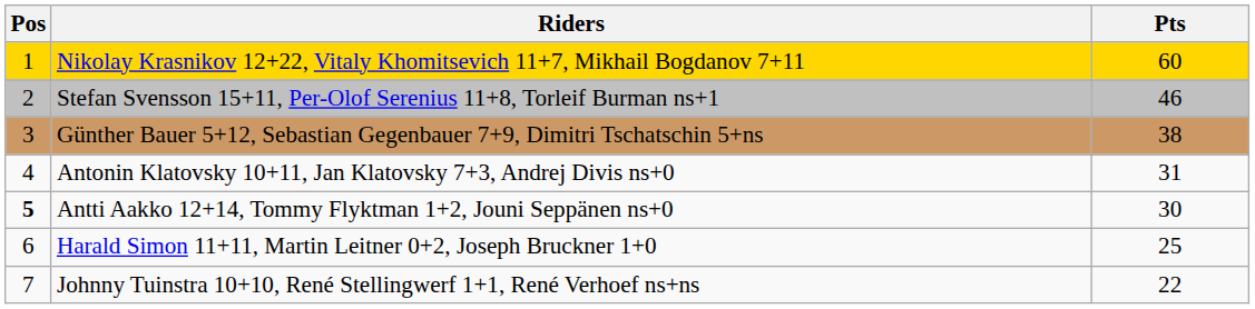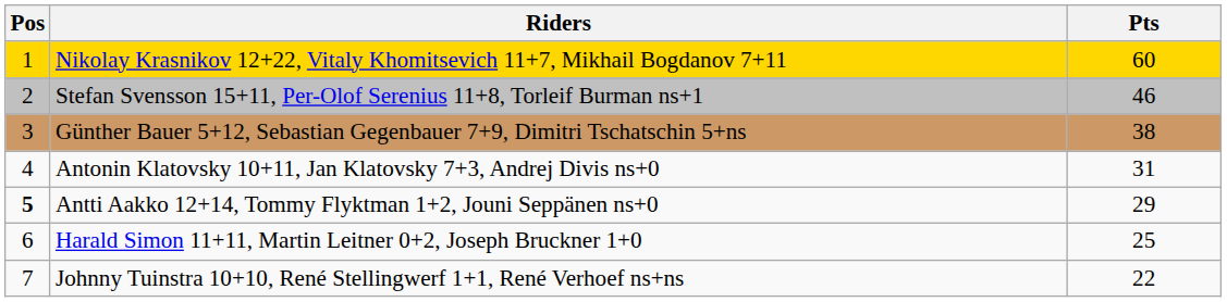 <table class="wikitable" style="font-size: 100%">
 <tr>
 <th width=20>Pos</th>
 <th width=700>Riders</th>
 <th width=100>Pts</th>
 </tr>
 <tr align=center style="background-color: gold;">
 <td>1</td>
 <td align="left"> <a href='#'>Nikolay Krasnikov</a> 12+22, <a href='#'>Vitaly Khomitsevich</a> 11+7, Mikhail Bogdanov 7+11</td>
 <td>60</td>
 </tr>
 <tr align=center style="background-color: silver;">
 <td>2</td>
 <td align="left"> Stefan Svensson 15+11, <a href='#'>Per-Olof Serenius</a> 11+8, Torleif Burman ns+1</td>
 <td>46</td>
 </tr>
 <tr align=center style="background-color: #cc9966;">
 <td>3</td>
 <td align="left"> Günther Bauer 5+12, Sebastian Gegenbauer 7+9, Dimitri Tschatschin 5+ns</td>
 <td>38</td>
 </tr>
 <tr align=center>
 <td>4</td>
 <td align="left"> Antonin Klatovsky 10+11, Jan Klatovsky 7+3, Andrej Divis ns+0</td>
 <td>31</td>
 </tr>
 <tr align=center>
 <td><strong>5</strong></td>
 <td align="left"> Antti Aakko 12+14, Tommy Flyktman 1+2, Jouni Seppänen ns+0</td>
-<td>30</td>
+<td>29</td>
 </tr>
 <tr align=center>
 <td>6</td>
 <td align="left"> <a href='#'>Harald Simon</a> 11+11, Martin Leitner 0+2, Joseph Bruckner 1+0</td>
 <td>25</td>
 </tr>
 <tr align=center>
 <td>7</td>
 <td align="left"> Johnny Tuinstra 10+10, René Stellingwerf 1+1, René Verhoef ns+ns</td>
 <td>22</td>
 </tr>
 </table>
